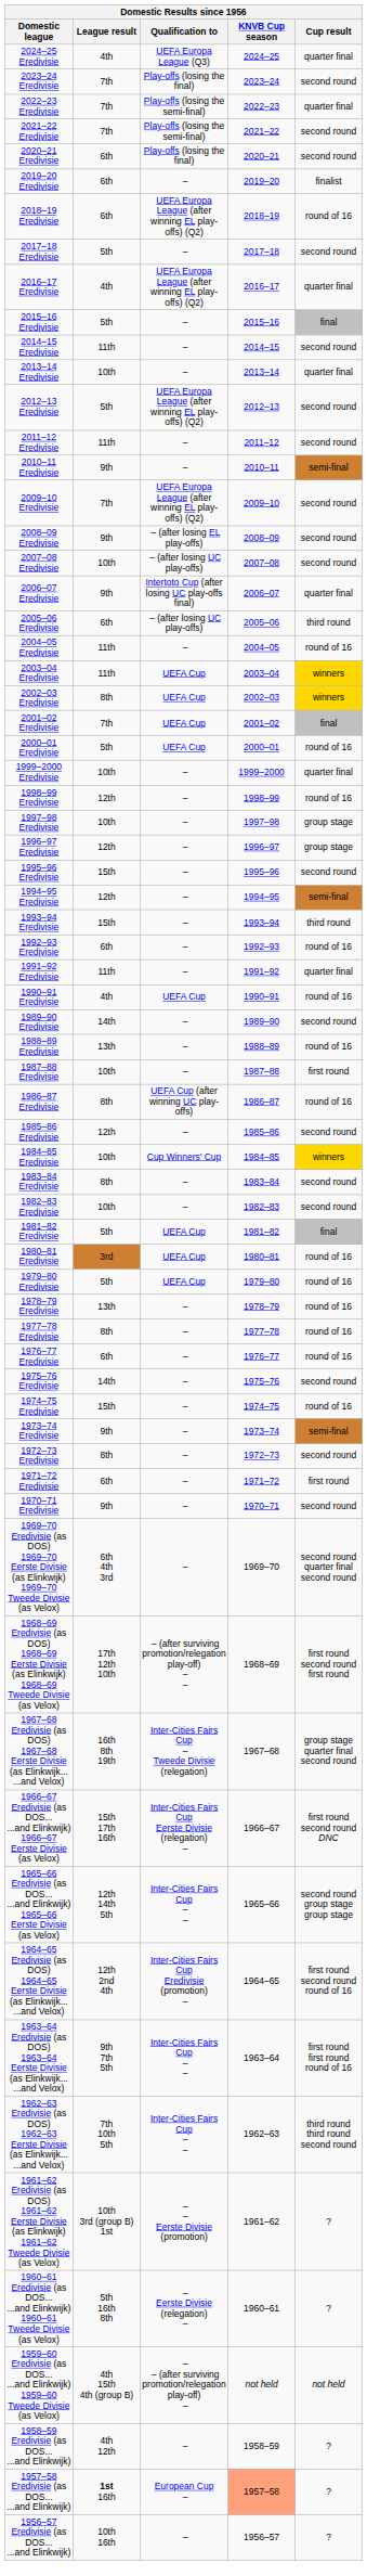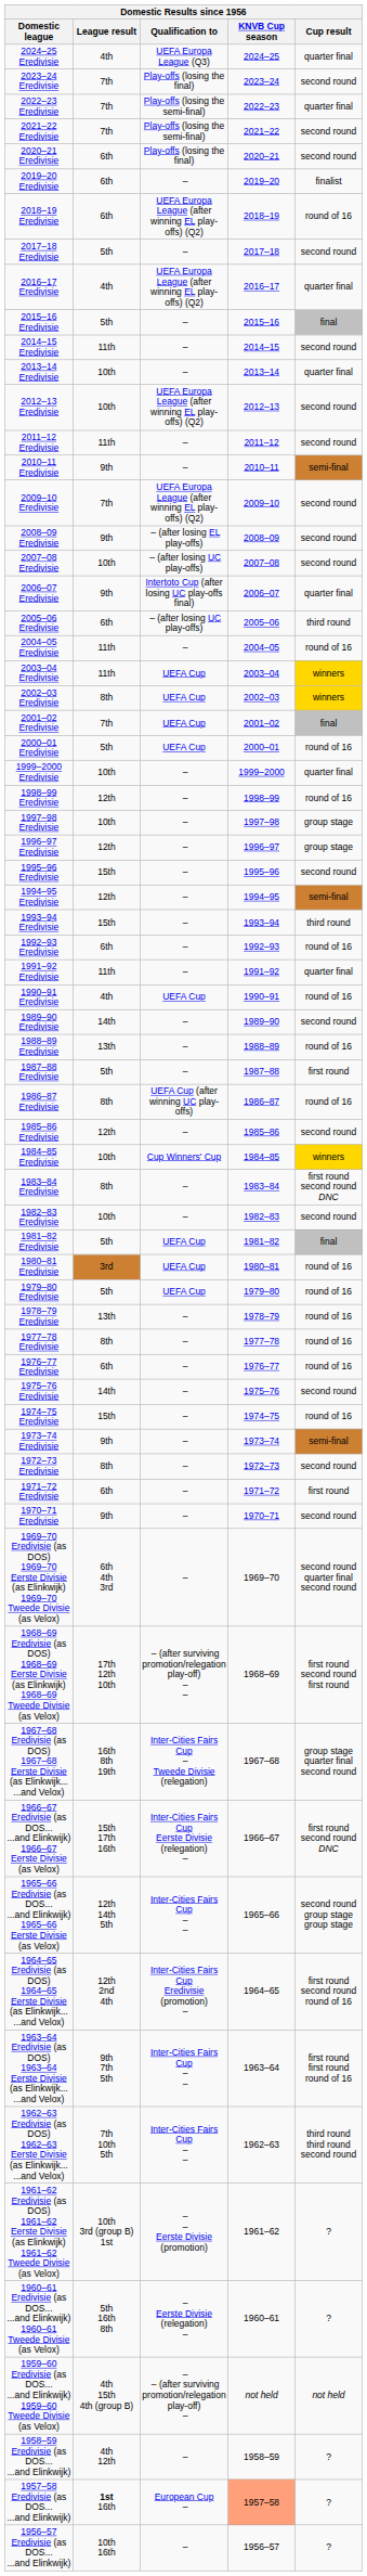 <table class="wikitable collapsible collapsed" style="width: 100%; text-align: center;">
 <tr>
 <th colspan=5>Domestic Results since 1956</th>
 </tr>
 <tr>
 <th width="20%">Domestic league</th>
 <th width="20%">League result</th>
 <th width="20%">Qualification to</th>
 <th width="20%"><a href='#'>KNVB Cup</a> season</th>
 <th width="20%">Cup result</th>
 </tr>
 <tr>
 <td><a href='#'>2024–25 Eredivisie</a></td>
 <td>4th</td>
 <td><a href='#'>UEFA Europa League</a> (Q3)</td>
 <td><a href='#'>2024–25</a></td>
 <td>quarter final</td>
 </tr>
 <tr>
 <td><a href='#'>2023–24 Eredivisie</a></td>
 <td>7th</td>
 <td><a href='#'>Play-offs</a> (losing the final)</td>
 <td><a href='#'>2023–24</a></td>
 <td>second round</td>
 </tr>
 <tr>
 <td><a href='#'>2022–23 Eredivisie</a></td>
 <td>7th</td>
 <td><a href='#'>Play-offs</a> (losing the semi-final)</td>
 <td><a href='#'>2022–23</a></td>
 <td>quarter final</td>
 </tr>
 <tr>
 <td><a href='#'>2021–22 Eredivisie</a></td>
 <td>7th</td>
 <td><a href='#'>Play-offs</a> (losing the semi-final)</td>
 <td><a href='#'>2021–22</a></td>
 <td>second round</td>
 </tr>
 <tr>
 <td><a href='#'>2020–21 Eredivisie</a></td>
 <td>6th</td>
 <td><a href='#'>Play-offs</a> (losing the final)</td>
 <td><a href='#'>2020–21</a></td>
 <td>second round</td>
 </tr>
 <tr>
 <td><a href='#'>2019–20 Eredivisie</a></td>
 <td>6th</td>
 <td> –</td>
 <td><a href='#'>2019–20</a></td>
 <td>finalist</td>
 </tr>
 <tr>
 <td><a href='#'>2018–19 Eredivisie</a></td>
 <td>6th</td>
 <td><a href='#'>UEFA Europa League</a> (after winning <a href='#'>EL</a> play-offs) (Q2)</td>
 <td><a href='#'>2018–19</a></td>
 <td>round of 16</td>
 </tr>
 <tr>
 <td><a href='#'>2017–18 Eredivisie</a></td>
 <td>5th</td>
 <td> –</td>
 <td><a href='#'>2017–18</a></td>
 <td>second round</td>
 </tr>
 <tr>
 <td><a href='#'>2016–17 Eredivisie</a></td>
 <td>4th</td>
 <td><a href='#'>UEFA Europa League</a> (after winning <a href='#'>EL</a> play-offs) (Q2)</td>
 <td><a href='#'>2016–17</a></td>
 <td>quarter final</td>
 </tr>
 <tr>
 <td><a href='#'>2015–16 Eredivisie</a></td>
 <td>5th</td>
 <td> –</td>
 <td><a href='#'>2015–16</a></td>
 <td bgcolor="silver">final</td>
 </tr>
 <tr>
 <td><a href='#'>2014–15 Eredivisie</a></td>
 <td>11th</td>
 <td> –</td>
 <td><a href='#'>2014–15</a></td>
 <td>second round</td>
 </tr>
 <tr>
 <td><a href='#'>2013–14 Eredivisie</a></td>
 <td>10th</td>
 <td> –</td>
 <td><a href='#'>2013–14</a></td>
 <td>quarter final</td>
 </tr>
 <tr>
 <td><a href='#'>2012–13 Eredivisie</a></td>
-<td>5th</td>
+<td>10th</td>
 <td><a href='#'>UEFA Europa League</a> (after winning <a href='#'>EL</a> play-offs) (Q2)</td>
 <td><a href='#'>2012–13</a></td>
 <td>second round</td>
 </tr>
 <tr>
 <td><a href='#'>2011–12 Eredivisie</a></td>
 <td>11th</td>
 <td> –</td>
 <td><a href='#'>2011–12</a></td>
 <td>second round</td>
 </tr>
 <tr>
 <td><a href='#'>2010–11 Eredivisie</a></td>
 <td>9th</td>
 <td> –</td>
 <td><a href='#'>2010–11</a></td>
 <td bgcolor="#CD7F32">semi-final</td>
 </tr>
 <tr>
 <td><a href='#'>2009–10 Eredivisie</a></td>
 <td>7th</td>
 <td><a href='#'>UEFA Europa League</a> (after winning <a href='#'>EL</a> play-offs) (Q2)</td>
 <td><a href='#'>2009–10</a></td>
 <td>second round</td>
 </tr>
 <tr>
 <td><a href='#'>2008–09 Eredivisie</a></td>
 <td>9th</td>
 <td> – (after losing <a href='#'>EL</a> play-offs)</td>
 <td><a href='#'>2008–09</a></td>
 <td>second round</td>
 </tr>
 <tr>
 <td><a href='#'>2007–08 Eredivisie</a></td>
 <td>10th</td>
 <td> – (after losing <a href='#'>UC</a> play-offs)</td>
 <td><a href='#'>2007–08</a></td>
 <td>second round</td>
 </tr>
 <tr>
 <td><a href='#'>2006–07 Eredivisie</a></td>
 <td>9th</td>
 <td><a href='#'>Intertoto Cup</a> (after losing <a href='#'>UC</a> play-offs final)</td>
 <td><a href='#'>2006–07</a></td>
 <td>quarter final</td>
 </tr>
 <tr>
 <td><a href='#'>2005–06 Eredivisie</a></td>
 <td>6th</td>
 <td> – (after losing <a href='#'>UC</a> play-offs)</td>
 <td><a href='#'>2005–06</a></td>
 <td>third round</td>
 </tr>
 <tr>
 <td><a href='#'>2004–05 Eredivisie</a></td>
 <td>11th</td>
 <td> –</td>
 <td><a href='#'>2004–05</a></td>
 <td>round of 16</td>
 </tr>
 <tr>
 <td><a href='#'>2003–04 Eredivisie</a></td>
 <td>11th</td>
 <td><a href='#'>UEFA Cup</a></td>
 <td><a href='#'>2003–04</a></td>
 <td bgcolor="gold">winners</td>
 </tr>
 <tr>
 <td><a href='#'>2002–03 Eredivisie</a></td>
 <td>8th</td>
 <td><a href='#'>UEFA Cup</a></td>
 <td><a href='#'>2002–03</a></td>
 <td bgcolor="gold">winners</td>
 </tr>
 <tr>
 <td><a href='#'>2001–02 Eredivisie</a></td>
 <td>7th</td>
 <td><a href='#'>UEFA Cup</a></td>
 <td><a href='#'>2001–02</a></td>
 <td bgcolor="silver">final</td>
 </tr>
 <tr>
 <td><a href='#'>2000–01 Eredivisie</a></td>
 <td>5th</td>
 <td><a href='#'>UEFA Cup</a></td>
 <td><a href='#'>2000–01</a></td>
 <td>round of 16</td>
 </tr>
 <tr>
 <td><a href='#'>1999–2000 Eredivisie</a></td>
 <td>10th</td>
 <td> –</td>
 <td><a href='#'>1999–2000</a></td>
 <td>quarter final</td>
 </tr>
 <tr>
 <td><a href='#'>1998–99 Eredivisie</a></td>
 <td>12th</td>
 <td> –</td>
 <td><a href='#'>1998–99</a></td>
 <td>round of 16</td>
 </tr>
 <tr>
 <td><a href='#'>1997–98 Eredivisie</a></td>
 <td>10th</td>
 <td> –</td>
 <td><a href='#'>1997–98</a></td>
 <td>group stage</td>
 </tr>
 <tr>
 <td><a href='#'>1996–97 Eredivisie</a></td>
 <td>12th</td>
 <td> –</td>
 <td><a href='#'>1996–97</a></td>
 <td>group stage</td>
 </tr>
 <tr>
 <td><a href='#'>1995–96 Eredivisie</a></td>
 <td>15th</td>
 <td> –</td>
 <td><a href='#'>1995–96</a></td>
 <td>second round</td>
 </tr>
 <tr>
 <td><a href='#'>1994–95 Eredivisie</a></td>
 <td>12th</td>
 <td> –</td>
 <td><a href='#'>1994–95</a></td>
 <td bgcolor="#CD7F32">semi-final</td>
 </tr>
 <tr>
 <td><a href='#'>1993–94 Eredivisie</a></td>
 <td>15th</td>
 <td> –</td>
 <td><a href='#'>1993–94</a></td>
 <td>third round</td>
 </tr>
 <tr>
 <td><a href='#'>1992–93 Eredivisie</a></td>
 <td>6th</td>
 <td> –</td>
 <td><a href='#'>1992–93</a></td>
 <td>round of 16</td>
 </tr>
 <tr>
 <td><a href='#'>1991–92 Eredivisie</a></td>
 <td>11th</td>
 <td> –</td>
 <td><a href='#'>1991–92</a></td>
 <td>quarter final</td>
 </tr>
 <tr>
 <td><a href='#'>1990–91 Eredivisie</a></td>
 <td>4th</td>
 <td><a href='#'>UEFA Cup</a></td>
 <td><a href='#'>1990–91</a></td>
 <td>round of 16</td>
 </tr>
 <tr>
 <td><a href='#'>1989–90 Eredivisie</a></td>
 <td>14th</td>
 <td> –</td>
 <td><a href='#'>1989–90</a></td>
 <td>second round</td>
 </tr>
 <tr>
 <td><a href='#'>1988–89 Eredivisie</a></td>
 <td>13th</td>
 <td> –</td>
 <td><a href='#'>1988–89</a></td>
 <td>round of 16</td>
 </tr>
 <tr>
 <td><a href='#'>1987–88 Eredivisie</a></td>
-<td>10th</td>
+<td>5th</td>
 <td> –</td>
 <td><a href='#'>1987–88</a></td>
 <td>first round</td>
 </tr>
 <tr>
 <td><a href='#'>1986–87 Eredivisie</a></td>
 <td>8th</td>
 <td><a href='#'>UEFA Cup</a> (after winning <a href='#'>UC</a> play-offs)</td>
 <td><a href='#'>1986–87</a></td>
 <td>round of 16</td>
 </tr>
 <tr>
 <td><a href='#'>1985–86 Eredivisie</a></td>
 <td>12th</td>
 <td> –</td>
 <td><a href='#'>1985–86</a></td>
 <td>second round</td>
 </tr>
 <tr>
 <td><a href='#'>1984–85 Eredivisie</a></td>
 <td>10th</td>
 <td><a href='#'>Cup Winners' Cup</a></td>
 <td><a href='#'>1984–85</a></td>
 <td bgcolor="gold">winners</td>
 </tr>
 <tr>
 <td><a href='#'>1983–84 Eredivisie</a></td>
 <td>8th</td>
 <td> –</td>
 <td><a href='#'>1983–84</a></td>
-<td>second round</td>
+<td>first round  <br> second round  <br> <em>DNC</em> </td>
 </tr>
 <tr>
 <td><a href='#'>1982–83 Eredivisie</a></td>
 <td>10th</td>
 <td> –</td>
 <td><a href='#'>1982–83</a></td>
 <td>second round</td>
 </tr>
 <tr>
 <td><a href='#'>1981–82 Eredivisie</a></td>
 <td>5th</td>
 <td><a href='#'>UEFA Cup</a></td>
 <td><a href='#'>1981–82</a></td>
 <td bgcolor="silver">final</td>
 </tr>
 <tr>
 <td><a href='#'>1980–81 Eredivisie</a></td>
 <td bgcolor="#CD7F32">3rd</td>
 <td><a href='#'>UEFA Cup</a></td>
 <td><a href='#'>1980–81</a></td>
 <td>round of 16</td>
 </tr>
 <tr>
 <td><a href='#'>1979–80 Eredivisie</a></td>
 <td>5th</td>
 <td><a href='#'>UEFA Cup</a></td>
 <td><a href='#'>1979–80</a></td>
 <td>round of 16</td>
 </tr>
 <tr>
 <td><a href='#'>1978–79 Eredivisie</a></td>
 <td>13th</td>
 <td> –</td>
 <td><a href='#'>1978–79</a></td>
 <td>round of 16</td>
 </tr>
 <tr>
 <td><a href='#'>1977–78 Eredivisie</a></td>
 <td>8th</td>
 <td> –</td>
 <td><a href='#'>1977–78</a></td>
 <td>round of 16</td>
 </tr>
 <tr>
 <td><a href='#'>1976–77 Eredivisie</a></td>
 <td>6th</td>
 <td> –</td>
 <td><a href='#'>1976–77</a></td>
 <td>round of 16</td>
 </tr>
 <tr>
 <td><a href='#'>1975–76 Eredivisie</a></td>
 <td>14th</td>
 <td> –</td>
 <td><a href='#'>1975–76</a></td>
 <td>second round</td>
 </tr>
 <tr>
 <td><a href='#'>1974–75 Eredivisie</a></td>
 <td>15th</td>
 <td> –</td>
 <td><a href='#'>1974–75</a></td>
 <td>round of 16</td>
 </tr>
 <tr>
 <td><a href='#'>1973–74 Eredivisie</a></td>
 <td>9th</td>
 <td> –</td>
 <td><a href='#'>1973–74</a></td>
 <td bgcolor="#CD7F32">semi-final</td>
 </tr>
 <tr>
 <td><a href='#'>1972–73 Eredivisie</a></td>
 <td>8th</td>
 <td> –</td>
 <td><a href='#'>1972–73</a></td>
 <td>second round</td>
 </tr>
 <tr>
 <td><a href='#'>1971–72 Eredivisie</a></td>
 <td>6th</td>
 <td> –</td>
 <td><a href='#'>1971–72</a></td>
 <td>first round</td>
 </tr>
 <tr>
 <td><a href='#'>1970–71 Eredivisie</a></td>
 <td>9th</td>
 <td> –</td>
 <td><a href='#'>1970–71</a></td>
 <td>second round</td>
 </tr>
 <tr>
 <td><a href='#'>1969–70 Eredivisie</a> (as DOS) <br> <a href='#'>1969–70 Eerste Divisie</a> (as Elinkwijk) <br> <a href='#'>1969–70 Tweede Divisie</a> (as Velox)</td>
 <td>6th <br> 4th <br> 3rd</td>
 <td> –</td>
 <td>1969–70</td>
 <td>second round  <br> quarter final  <br> second round </td>
 </tr>
 <tr>
 <td><a href='#'>1968–69 Eredivisie</a> (as DOS) <br> <a href='#'>1968–69 Eerste Divisie</a> (as Elinkwijk) <br> <a href='#'>1968–69 Tweede Divisie</a> (as Velox)</td>
 <td>17th <br> 12th <br> 10th</td>
 <td> – (after surviving promotion/relegation play-off) <br> – <br> –</td>
 <td>1968–69</td>
 <td>first round  <br> second round  <br> first round </td>
 </tr>
 <tr>
 <td><a href='#'>1967–68 Eredivisie</a> (as DOS) <br> <a href='#'>1967–68 Eerste Divisie</a> (as Elinkwijk... <br> ...and Velox)</td>
 <td>16th <br> 8th <br> 19th</td>
 <td><a href='#'>Inter-Cities Fairs Cup</a> <br> – <br> <a href='#'>Tweede Divisie</a> (relegation)</td>
 <td>1967–68</td>
 <td>group stage  <br> quarter final  <br> second round </td>
 </tr>
 <tr>
 <td><a href='#'>1966–67 Eredivisie</a> (as DOS... <br> ...and Elinkwijk) <br> <a href='#'>1966–67 Eerste Divisie</a> (as Velox)</td>
 <td>15th <br> 17th <br> 16th</td>
 <td><a href='#'>Inter-Cities Fairs Cup</a> <br> <a href='#'>Eerste Divisie</a> (relegation) <br> –</td>
 <td>1966–67</td>
 <td>first round  <br> second round  <br> <em>DNC</em> </td>
 </tr>
 <tr>
 <td><a href='#'>1965–66 Eredivisie</a> (as DOS... <br> ...and Elinkwijk) <br> <a href='#'>1965–66 Eerste Divisie</a> (as Velox)</td>
 <td>12th <br> 14th <br> 5th</td>
 <td><a href='#'>Inter-Cities Fairs Cup</a> <br> – <br> –</td>
 <td>1965–66</td>
 <td>second round  <br> group stage  <br> group stage </td>
 </tr>
 <tr>
 <td><a href='#'>1964–65 Eredivisie</a> (as DOS) <br> <a href='#'>1964–65 Eerste Divisie</a> (as Elinkwijk... <br> ...and Velox)</td>
 <td>12th <br> 2nd <br> 4th</td>
 <td><a href='#'>Inter-Cities Fairs Cup</a> <br> <a href='#'>Eredivisie</a> (promotion) <br> –</td>
 <td>1964–65</td>
 <td>first round  <br> second round  <br> round of 16 </td>
 </tr>
 <tr>
 <td><a href='#'>1963–64 Eredivisie</a> (as DOS) <br> <a href='#'>1963–64 Eerste Divisie</a> (as Elinkwijk... <br> ...and Velox)</td>
 <td>9th <br> 7th <br> 5th</td>
 <td><a href='#'>Inter-Cities Fairs Cup</a> <br> – <br> –</td>
 <td>1963–64</td>
 <td>first round  <br> first round  <br> round of 16 </td>
 </tr>
 <tr>
 <td><a href='#'>1962–63 Eredivisie</a> (as DOS) <br> <a href='#'>1962–63 Eerste Divisie</a> (as Elinkwijk... <br> ...and Velox)</td>
 <td>7th <br> 10th <br> 5th</td>
 <td><a href='#'>Inter-Cities Fairs Cup</a> <br> – <br> –</td>
 <td>1962–63</td>
 <td>third round  <br> third round  <br> second round </td>
 </tr>
 <tr>
 <td><a href='#'>1961–62 Eredivisie</a> (as DOS) <br> <a href='#'>1961–62 Eerste Divisie</a> (as Elinkwijk) <br> <a href='#'>1961–62 Tweede Divisie</a> (as Velox)</td>
 <td>10th <br> 3rd (group B) <br> 1st</td>
 <td> – <br> – <br> <a href='#'>Eerste Divisie</a> (promotion)</td>
 <td>1961–62</td>
 <td>? </td>
 </tr>
 <tr>
 <td><a href='#'>1960–61 Eredivisie</a> (as DOS... <br> ...and Elinkwijk) <br> <a href='#'>1960–61 Tweede Divisie</a> (as Velox)</td>
 <td>5th <br> 16th <br> 8th</td>
 <td> – <br> <a href='#'>Eerste Divisie</a> (relegation) <br> –</td>
 <td>1960–61</td>
 <td>? </td>
 </tr>
 <tr>
 <td><a href='#'>1959–60 Eredivisie</a> (as DOS... <br> ...and Elinkwijk) <br> <a href='#'>1959–60 Tweede Divisie</a> (as Velox)</td>
 <td>4th <br> 15th <br> 4th (group B)</td>
 <td> – <br> – (after surviving promotion/relegation play-off) <br> –</td>
 <td><em>not held</em></td>
 <td><em>not held</em></td>
 </tr>
 <tr>
 <td><a href='#'>1958–59 Eredivisie</a> (as DOS... <br> ...and Elinkwijk)</td>
 <td>4th <br> 12th</td>
 <td> –</td>
 <td>1958–59</td>
 <td>? </td>
 </tr>
 <tr>
 <td><a href='#'>1957–58 Eredivisie</a> (as DOS... <br> ...and Elinkwijk)</td>
 <td><strong>1st</strong> <br> 16th</td>
 <td><a href='#'>European Cup</a> <br> –</td>
 <td style="background: lightsalmon;">1957–58</td>
 <td>? </td>
 </tr>
 <tr>
 <td><a href='#'>1956–57 Eredivisie</a> (as DOS... <br> ...and Elinkwijk)</td>
 <td>10th <br> 16th</td>
 <td> –</td>
 <td>1956–57</td>
 <td>? </td>
 </tr>
 </table>
